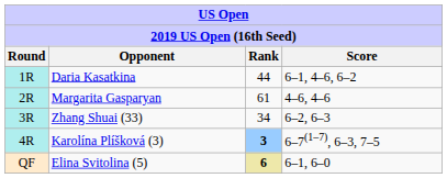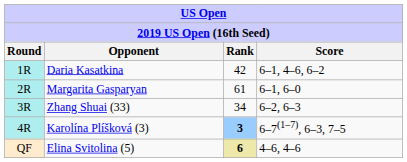 <table class=wikitable>
 <tr>
 <th colspan=4 style="background:#ccf;"><a href='#'>US Open</a></th>
 </tr>
 <tr>
 <th colspan=4 style="background:#ccf;"><a href='#'>2019 US Open</a> (16th Seed)</th>
 </tr>
 <tr>
 <th width=40>Round</th>
 <th width=235>Opponent</th>
 <th width=20>Rank</th>
 <th width=190>Score</th>
 </tr>
 <tr>
 <td style="text-align:center; background:#afeeee;">1R</td>
 <td> <a href='#'>Daria Kasatkina</a></td>
-<td style="text-align:center">44</td>
+<td style="text-align:center">42</td>
 <td>6–1, 4–6, 6–2</td>
 </tr>
 <tr>
 <td style="text-align:center; background:#afeeee;">2R</td>
 <td> <a href='#'>Margarita Gasparyan</a></td>
 <td style="text-align:center">61</td>
-<td>4–6, 4–6</td>
+<td>6–1, 6–0</td>
 </tr>
 <tr>
 <td style="text-align:center; background:#afeeee;">3R</td>
 <td> <a href='#'>Zhang Shuai</a> (33)</td>
 <td style="text-align:center">34</td>
 <td>6–2, 6–3</td>
 </tr>
 <tr>
 <td style="text-align:center; background:#afeeee;">4R</td>
 <td> <a href='#'>Karolína Plíšková</a> (3)</td>
 <td style="text-align:center; background:#99ccff;"><strong>3</strong></td>
 <td>6–7<sup>(1–7)</sup>, 6–3, 7–5</td>
 </tr>
 <tr>
 <td style="text-align:center; background:#ffebcd;">QF</td>
 <td> <a href='#'>Elina Svitolina</a> (5)</td>
 <td style="text-align:center; background:#eee8aa;"><strong>6</strong></td>
-<td>6–1, 6–0</td>
+<td>4–6, 4–6</td>
 </tr>
 </table>
